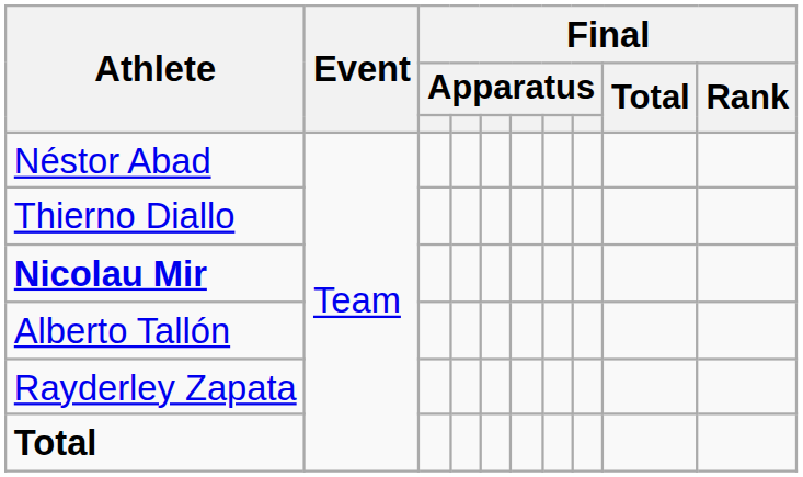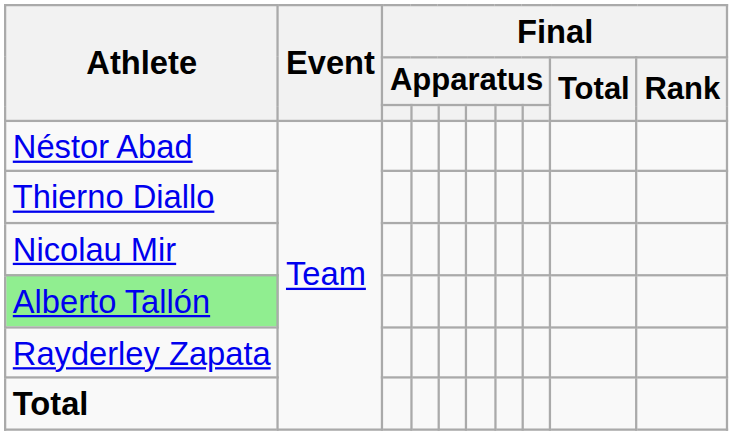 <table class="wikitable" style="font-size:90%">
 <tr>
 <th rowspan=3>Athlete</th>
 <th rowspan=3>Event</th>
 <th colspan =8>Final</th>
 </tr>
 <tr style="font-size:95%">
 <th colspan=6>Apparatus</th>
 <th rowspan=2>Total</th>
 <th rowspan=2>Rank</th>
 </tr>
 <tr style="font-size:95%">
 <th></th>
 <th></th>
 <th></th>
 <th></th>
 <th></th>
 <th></th>
 </tr>
 <tr align=center>
 <td align=left><a href='#'>Néstor Abad</a></td>
 <td align=left rowspan=6><a href='#'>Team</a></td>
 <td></td>
 <td></td>
 <td></td>
 <td></td>
 <td></td>
 <td></td>
 <td></td>
 <td></td>
 </tr>
 <tr align=center>
 <td align=left><a href='#'>Thierno Diallo</a></td>
 <td></td>
 <td></td>
 <td></td>
 <td></td>
 <td></td>
 <td></td>
 <td></td>
 <td></td>
 </tr>
 <tr align=center>
-<td align=left><strong><a href='#'>Nicolau Mir</a></strong></td>
+<td align=left><a href='#'>Nicolau Mir</a></td>
 <td></td>
 <td></td>
 <td></td>
 <td></td>
 <td></td>
 <td></td>
 <td></td>
 <td></td>
 </tr>
 <tr align=center>
-<td align=left><a href='#'>Alberto Tallón</a></td>
+<td align=left style="background: lightgreen;"><a href='#'>Alberto Tallón</a></td>
 <td></td>
 <td></td>
 <td></td>
 <td></td>
 <td></td>
 <td></td>
 <td></td>
 <td></td>
 </tr>
 <tr align=center>
 <td align=left><a href='#'>Rayderley Zapata</a></td>
 <td></td>
 <td></td>
 <td></td>
 <td></td>
 <td></td>
 <td></td>
 <td></td>
 <td></td>
 </tr>
 <tr align=center>
 <td align=left><strong>Total</strong></td>
 <td></td>
 <td></td>
 <td></td>
 <td></td>
 <td></td>
 <td></td>
 <td></td>
 <td></td>
 </tr>
 </table>
